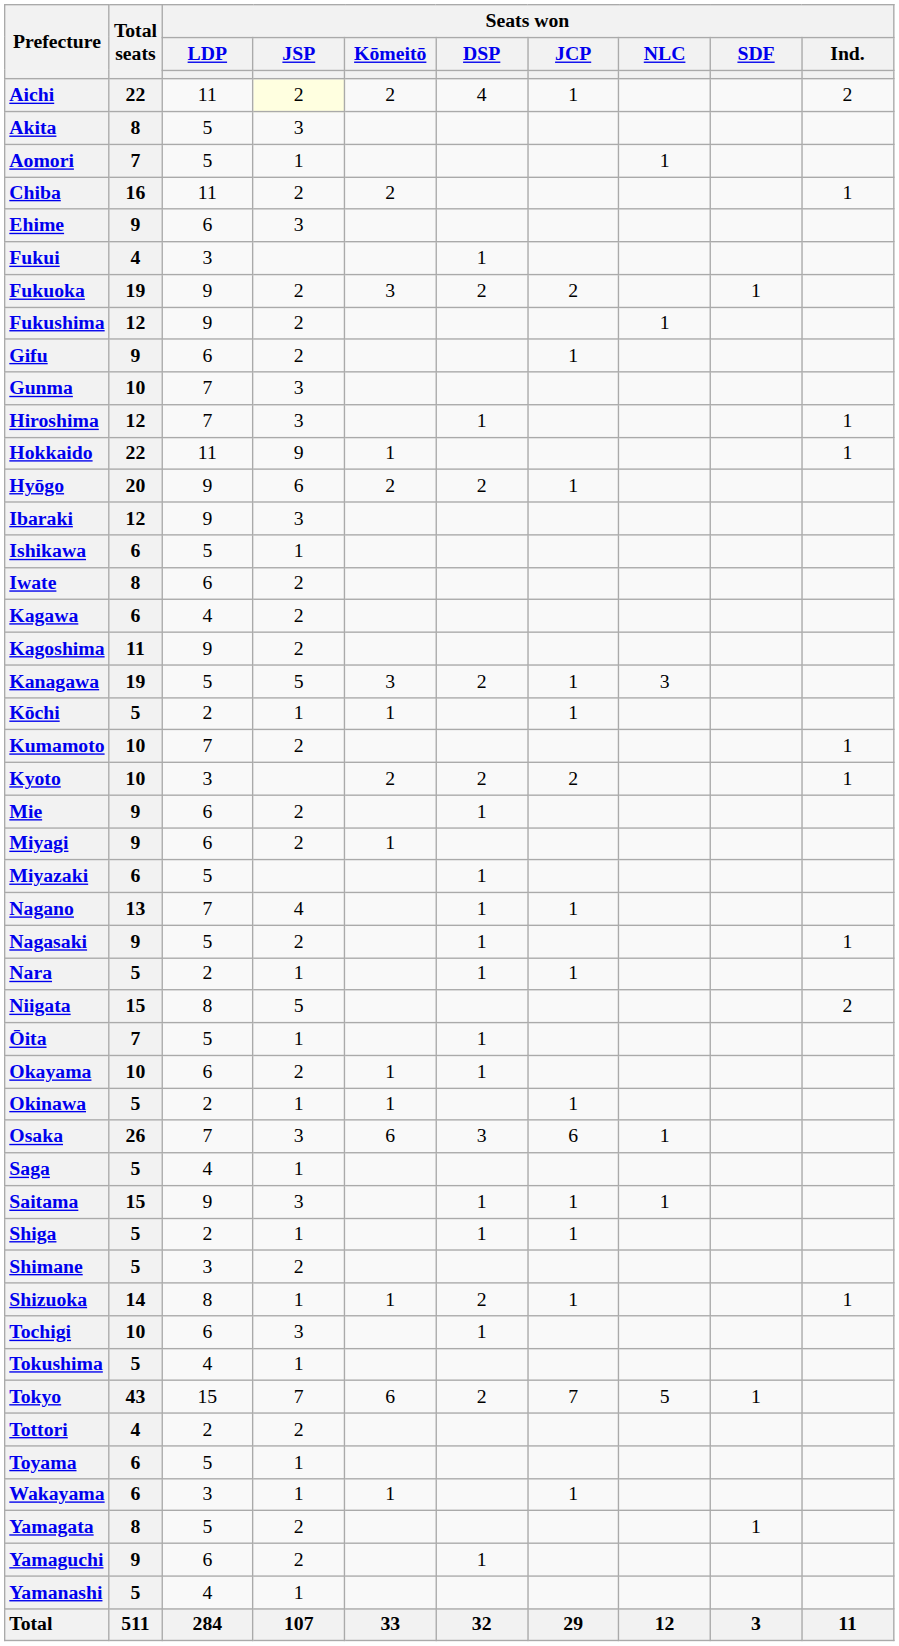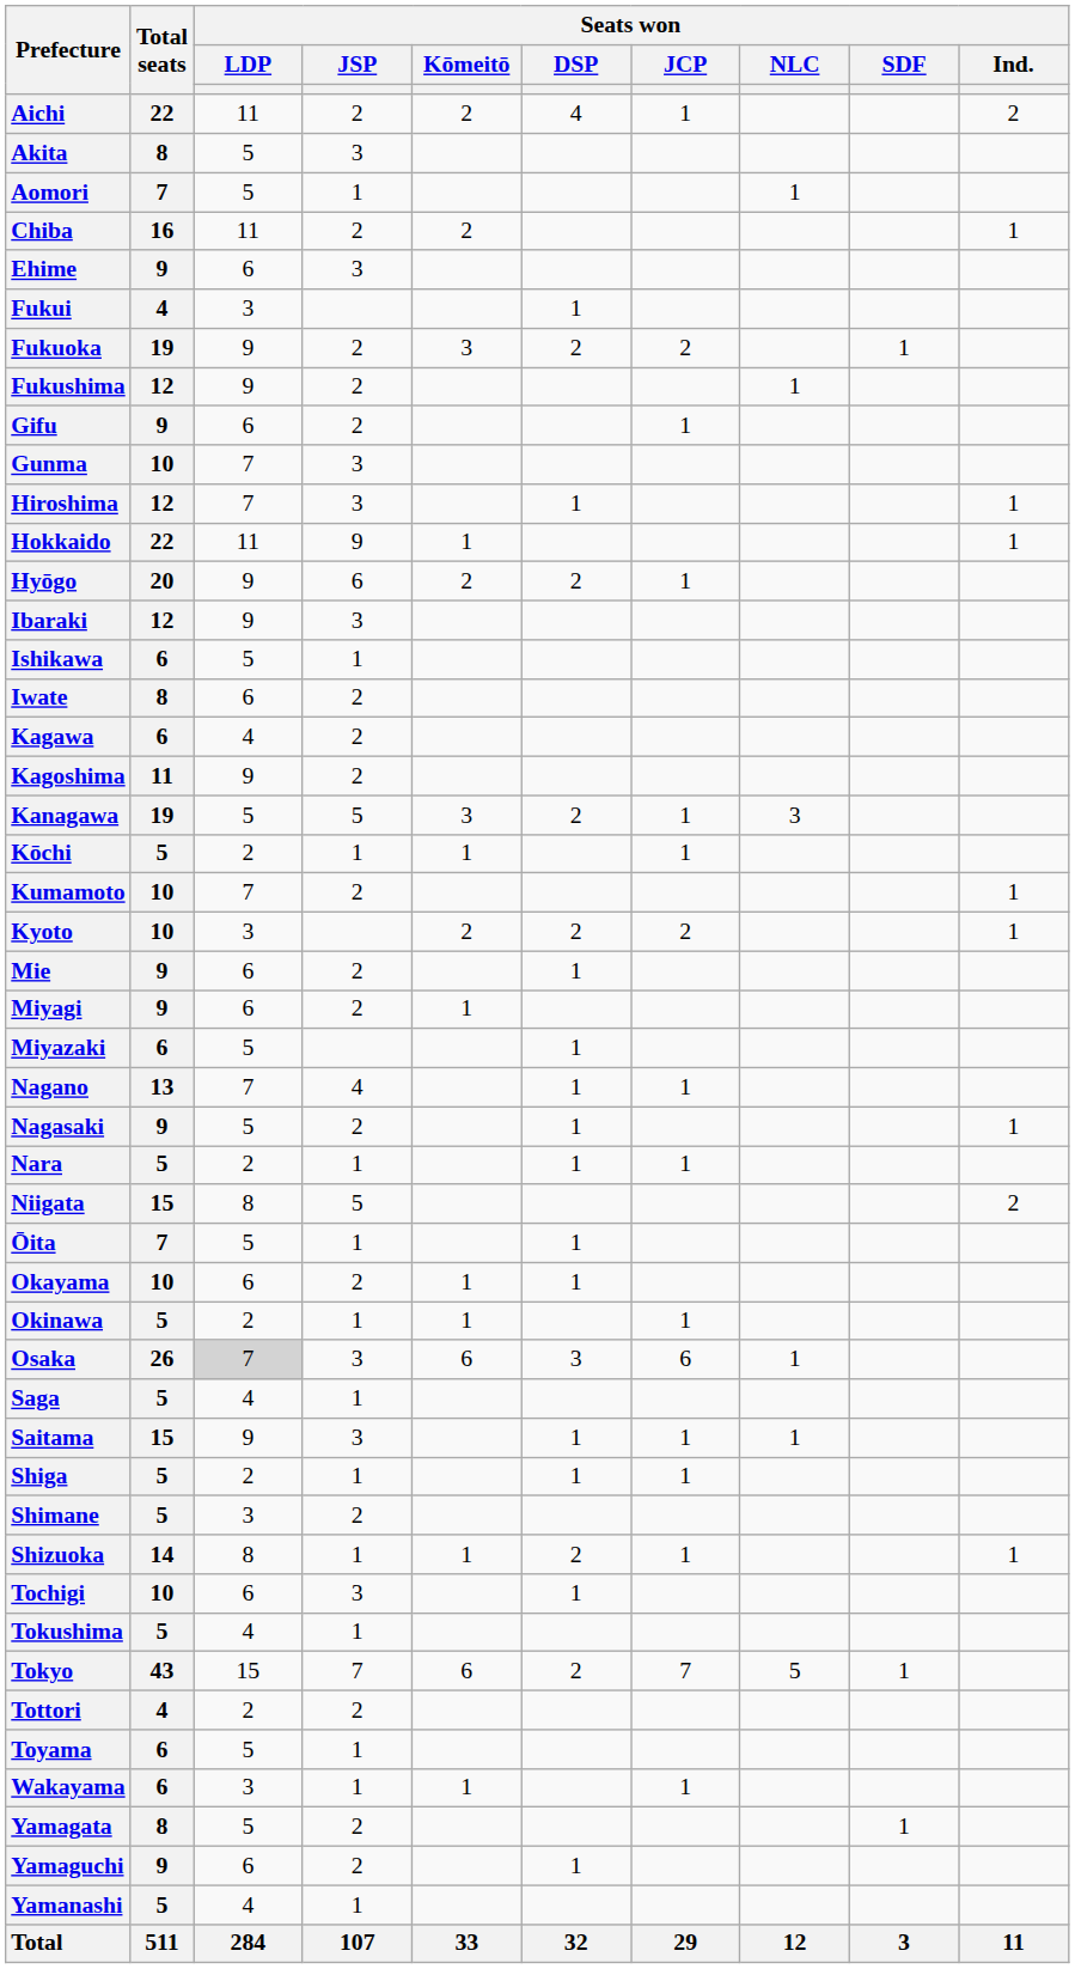 <table class="wikitable" style="text-align:center; font-size: 0.9em;">
 <tr>
 <th rowspan="3">Prefecture</th>
 <th rowspan="3">Total<br>seats</th>
 <th colspan="8">Seats won</th>
 </tr>
 <tr>
 <th class="unsortable" style="width:60px;"><a href='#'>LDP</a></th>
 <th class="unsortable" style="width:60px;"><a href='#'>JSP</a></th>
 <th class="unsortable" style="width:60px;"><a href='#'>Kōmeitō</a></th>
 <th class="unsortable" style="width:60px;"><a href='#'>DSP</a></th>
 <th class="unsortable" style="width:60px;"><a href='#'>JCP</a></th>
 <th class="unsortable" style="width:60px;"><a href='#'>NLC</a></th>
 <th class="unsortable" style="width:60px;"><a href='#'>SDF</a></th>
 <th class="unsortable" style="width:60px;">Ind.</th>
 </tr>
 <tr>
 <th style="background:"></th>
 <th style="background:"></th>
 <th style="background:"></th>
 <th style="background:"></th>
 <th style="background:"></th>
 <th style="background:"></th>
 <th style="background:"></th>
 <th style="background:"></th>
 </tr>
 <tr>
 <th style="text-align: left;"><a href='#'>Aichi</a></th>
 <th>22</th>
 <td>11</td>
-<td style="background: lightyellow;">2</td>
+<td>2</td>
 <td>2</td>
 <td>4</td>
 <td>1</td>
 <td></td>
 <td></td>
 <td>2</td>
 </tr>
 <tr>
 <th style="text-align: left;"><a href='#'>Akita</a></th>
 <th>8</th>
 <td>5</td>
 <td>3</td>
 <td></td>
 <td></td>
 <td></td>
 <td></td>
 <td></td>
 <td></td>
 </tr>
 <tr>
 <th style="text-align: left;"><a href='#'>Aomori</a></th>
 <th>7</th>
 <td>5</td>
 <td>1</td>
 <td></td>
 <td></td>
 <td></td>
 <td>1</td>
 <td></td>
 <td></td>
 </tr>
 <tr>
 <th style="text-align: left;"><a href='#'>Chiba</a></th>
 <th>16</th>
 <td>11</td>
 <td>2</td>
 <td>2</td>
 <td></td>
 <td></td>
 <td></td>
 <td></td>
 <td>1</td>
 </tr>
 <tr>
 <th style="text-align: left;"><a href='#'>Ehime</a></th>
 <th>9</th>
 <td>6</td>
 <td>3</td>
 <td></td>
 <td></td>
 <td></td>
 <td></td>
 <td></td>
 <td></td>
 </tr>
 <tr>
 <th style="text-align: left;"><a href='#'>Fukui</a></th>
 <th>4</th>
 <td>3</td>
 <td></td>
 <td></td>
 <td>1</td>
 <td></td>
 <td></td>
 <td></td>
 <td></td>
 </tr>
 <tr>
 <th style="text-align: left;"><a href='#'>Fukuoka</a></th>
 <th>19</th>
 <td>9</td>
 <td>2</td>
 <td>3</td>
 <td>2</td>
 <td>2</td>
 <td></td>
 <td>1</td>
 <td></td>
 </tr>
 <tr>
 <th style="text-align: left;"><a href='#'>Fukushima</a></th>
 <th>12</th>
 <td>9</td>
 <td>2</td>
 <td></td>
 <td></td>
 <td></td>
 <td>1</td>
 <td></td>
 <td></td>
 </tr>
 <tr>
 <th style="text-align: left;"><a href='#'>Gifu</a></th>
 <th>9</th>
 <td>6</td>
 <td>2</td>
 <td></td>
 <td></td>
 <td>1</td>
 <td></td>
 <td></td>
 <td></td>
 </tr>
 <tr>
 <th style="text-align: left;"><a href='#'>Gunma</a></th>
 <th>10</th>
 <td>7</td>
 <td>3</td>
 <td></td>
 <td></td>
 <td></td>
 <td></td>
 <td></td>
 <td></td>
 </tr>
 <tr>
 <th style="text-align: left;"><a href='#'>Hiroshima</a></th>
 <th>12</th>
 <td>7</td>
 <td>3</td>
 <td></td>
 <td>1</td>
 <td></td>
 <td></td>
 <td></td>
 <td>1</td>
 </tr>
 <tr>
 <th style="text-align: left;"><a href='#'>Hokkaido</a></th>
 <th>22</th>
 <td>11</td>
 <td>9</td>
 <td>1</td>
 <td></td>
 <td></td>
 <td></td>
 <td></td>
 <td>1</td>
 </tr>
 <tr>
 <th style="text-align: left;"><a href='#'>Hyōgo</a></th>
 <th>20</th>
 <td>9</td>
 <td>6</td>
 <td>2</td>
 <td>2</td>
 <td>1</td>
 <td></td>
 <td></td>
 <td></td>
 </tr>
 <tr>
 <th style="text-align: left;"><a href='#'>Ibaraki</a></th>
 <th>12</th>
 <td>9</td>
 <td>3</td>
 <td></td>
 <td></td>
 <td></td>
 <td></td>
 <td></td>
 <td></td>
 </tr>
 <tr>
 <th style="text-align: left;"><a href='#'>Ishikawa</a></th>
 <th>6</th>
 <td>5</td>
 <td>1</td>
 <td></td>
 <td></td>
 <td></td>
 <td></td>
 <td></td>
 <td></td>
 </tr>
 <tr>
 <th style="text-align: left;"><a href='#'>Iwate</a></th>
 <th>8</th>
 <td>6</td>
 <td>2</td>
 <td></td>
 <td></td>
 <td></td>
 <td></td>
 <td></td>
 <td></td>
 </tr>
 <tr>
 <th style="text-align: left;"><a href='#'>Kagawa</a></th>
 <th>6</th>
 <td>4</td>
 <td>2</td>
 <td></td>
 <td></td>
 <td></td>
 <td></td>
 <td></td>
 <td></td>
 </tr>
 <tr>
 <th style="text-align: left;"><a href='#'>Kagoshima</a></th>
 <th>11</th>
 <td>9</td>
 <td>2</td>
 <td></td>
 <td></td>
 <td></td>
 <td></td>
 <td></td>
 <td></td>
 </tr>
 <tr>
 <th style="text-align: left;"><a href='#'>Kanagawa</a></th>
 <th>19</th>
 <td>5</td>
 <td>5</td>
 <td>3</td>
 <td>2</td>
 <td>1</td>
 <td>3</td>
 <td></td>
 <td></td>
 </tr>
 <tr>
 <th style="text-align: left;"><a href='#'>Kōchi</a></th>
 <th>5</th>
 <td>2</td>
 <td>1</td>
 <td>1</td>
 <td></td>
 <td>1</td>
 <td></td>
 <td></td>
 <td></td>
 </tr>
 <tr>
 <th style="text-align: left;"><a href='#'>Kumamoto</a></th>
 <th>10</th>
 <td>7</td>
 <td>2</td>
 <td></td>
 <td></td>
 <td></td>
 <td></td>
 <td></td>
 <td>1</td>
 </tr>
 <tr>
 <th style="text-align: left;"><a href='#'>Kyoto</a></th>
 <th>10</th>
 <td>3</td>
 <td></td>
 <td>2</td>
 <td>2</td>
 <td>2</td>
 <td></td>
 <td></td>
 <td>1</td>
 </tr>
 <tr>
 <th style="text-align: left;"><a href='#'>Mie</a></th>
 <th>9</th>
 <td>6</td>
 <td>2</td>
 <td></td>
 <td>1</td>
 <td></td>
 <td></td>
 <td></td>
 <td></td>
 </tr>
 <tr>
 <th style="text-align: left;"><a href='#'>Miyagi</a></th>
 <th>9</th>
 <td>6</td>
 <td>2</td>
 <td>1</td>
 <td></td>
 <td></td>
 <td></td>
 <td></td>
 <td></td>
 </tr>
 <tr>
 <th style="text-align: left;"><a href='#'>Miyazaki</a></th>
 <th>6</th>
 <td>5</td>
 <td></td>
 <td></td>
 <td>1</td>
 <td></td>
 <td></td>
 <td></td>
 <td></td>
 </tr>
 <tr>
 <th style="text-align: left;"><a href='#'>Nagano</a></th>
 <th>13</th>
 <td>7</td>
 <td>4</td>
 <td></td>
 <td>1</td>
 <td>1</td>
 <td></td>
 <td></td>
 <td></td>
 </tr>
 <tr>
 <th style="text-align: left;"><a href='#'>Nagasaki</a></th>
 <th>9</th>
 <td>5</td>
 <td>2</td>
 <td></td>
 <td>1</td>
 <td></td>
 <td></td>
 <td></td>
 <td>1</td>
 </tr>
 <tr>
 <th style="text-align: left;"><a href='#'>Nara</a></th>
 <th>5</th>
 <td>2</td>
 <td>1</td>
 <td></td>
 <td>1</td>
 <td>1</td>
 <td></td>
 <td></td>
 <td></td>
 </tr>
 <tr>
 <th style="text-align: left;"><a href='#'>Niigata</a></th>
 <th>15</th>
 <td>8</td>
 <td>5</td>
 <td></td>
 <td></td>
 <td></td>
 <td></td>
 <td></td>
 <td>2</td>
 </tr>
 <tr>
 <th style="text-align: left;"><a href='#'>Ōita</a></th>
 <th>7</th>
 <td>5</td>
 <td>1</td>
 <td></td>
 <td>1</td>
 <td></td>
 <td></td>
 <td></td>
 <td></td>
 </tr>
 <tr>
 <th style="text-align: left;"><a href='#'>Okayama</a></th>
 <th>10</th>
 <td>6</td>
 <td>2</td>
 <td>1</td>
 <td>1</td>
 <td></td>
 <td></td>
 <td></td>
 <td></td>
 </tr>
 <tr>
 <th style="text-align: left;"><a href='#'>Okinawa</a></th>
 <th>5</th>
 <td>2</td>
 <td>1</td>
 <td>1</td>
 <td></td>
 <td>1</td>
 <td></td>
 <td></td>
 <td></td>
 </tr>
 <tr>
 <th style="text-align: left;"><a href='#'>Osaka</a></th>
 <th>26</th>
-<td>7</td>
+<td style="background: lightgrey;">7</td>
 <td>3</td>
 <td>6</td>
 <td>3</td>
 <td>6</td>
 <td>1</td>
 <td></td>
 <td></td>
 </tr>
 <tr>
 <th style="text-align: left;"><a href='#'>Saga</a></th>
 <th>5</th>
 <td>4</td>
 <td>1</td>
 <td></td>
 <td></td>
 <td></td>
 <td></td>
 <td></td>
 <td></td>
 </tr>
 <tr>
 <th style="text-align: left;"><a href='#'>Saitama</a></th>
 <th>15</th>
 <td>9</td>
 <td>3</td>
 <td></td>
 <td>1</td>
 <td>1</td>
 <td>1</td>
 <td></td>
 <td></td>
 </tr>
 <tr>
 <th style="text-align: left;"><a href='#'>Shiga</a></th>
 <th>5</th>
 <td>2</td>
 <td>1</td>
 <td></td>
 <td>1</td>
 <td>1</td>
 <td></td>
 <td></td>
 <td></td>
 </tr>
 <tr>
 <th style="text-align: left;"><a href='#'>Shimane</a></th>
 <th>5</th>
 <td>3</td>
 <td>2</td>
 <td></td>
 <td></td>
 <td></td>
 <td></td>
 <td></td>
 <td></td>
 </tr>
 <tr>
 <th style="text-align: left;"><a href='#'>Shizuoka</a></th>
 <th>14</th>
 <td>8</td>
 <td>1</td>
 <td>1</td>
 <td>2</td>
 <td>1</td>
 <td></td>
 <td></td>
 <td>1</td>
 </tr>
 <tr>
 <th style="text-align: left;"><a href='#'>Tochigi</a></th>
 <th>10</th>
 <td>6</td>
 <td>3</td>
 <td></td>
 <td>1</td>
 <td></td>
 <td></td>
 <td></td>
 <td></td>
 </tr>
 <tr>
 <th style="text-align: left;"><a href='#'>Tokushima</a></th>
 <th>5</th>
 <td>4</td>
 <td>1</td>
 <td></td>
 <td></td>
 <td></td>
 <td></td>
 <td></td>
 <td></td>
 </tr>
 <tr>
 <th style="text-align: left;"><a href='#'>Tokyo</a></th>
 <th>43</th>
 <td>15</td>
 <td>7</td>
 <td>6</td>
 <td>2</td>
 <td>7</td>
 <td>5</td>
 <td>1</td>
 <td></td>
 </tr>
 <tr>
 <th style="text-align: left;"><a href='#'>Tottori</a></th>
 <th>4</th>
 <td>2</td>
 <td>2</td>
 <td></td>
 <td></td>
 <td></td>
 <td></td>
 <td></td>
 <td></td>
 </tr>
 <tr>
 <th style="text-align: left;"><a href='#'>Toyama</a></th>
 <th>6</th>
 <td>5</td>
 <td>1</td>
 <td></td>
 <td></td>
 <td></td>
 <td></td>
 <td></td>
 <td></td>
 </tr>
 <tr>
 <th style="text-align: left;"><a href='#'>Wakayama</a></th>
 <th>6</th>
 <td>3</td>
 <td>1</td>
 <td>1</td>
 <td></td>
 <td>1</td>
 <td></td>
 <td></td>
 <td></td>
 </tr>
 <tr>
 <th style="text-align: left;"><a href='#'>Yamagata</a></th>
 <th>8</th>
 <td>5</td>
 <td>2</td>
 <td></td>
 <td></td>
 <td></td>
 <td></td>
 <td>1</td>
 <td></td>
 </tr>
 <tr>
 <th style="text-align: left;"><a href='#'>Yamaguchi</a></th>
 <th>9</th>
 <td>6</td>
 <td>2</td>
 <td></td>
 <td>1</td>
 <td></td>
 <td></td>
 <td></td>
 <td></td>
 </tr>
 <tr>
 <th style="text-align: left;"><a href='#'>Yamanashi</a></th>
 <th>5</th>
 <td>4</td>
 <td>1</td>
 <td></td>
 <td></td>
 <td></td>
 <td></td>
 <td></td>
 <td></td>
 </tr>
 <tr class="sortbottom">
 <th style="text-align: left;">Total</th>
 <th>511</th>
 <th>284</th>
 <th>107</th>
 <th>33</th>
 <th>32</th>
 <th>29</th>
 <th>12</th>
 <th>3</th>
 <th>11</th>
 </tr>
 </table>
